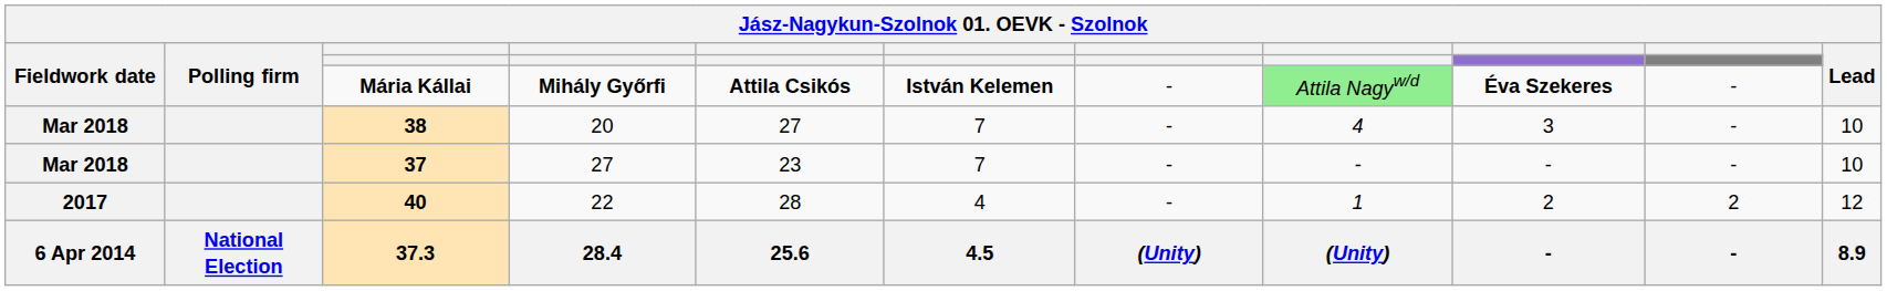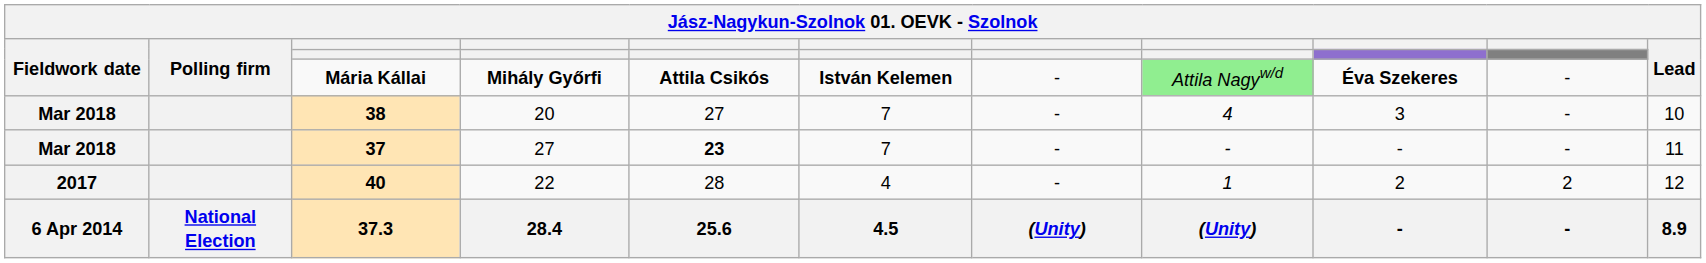 <table class="wikitable mw-collapsible mw-collapsed" style="text-align:center">
 <tr>
 <th colspan="11" style="width: 980pt;"><small><a href='#'>Jász-Nagykun-Szolnok</a> 01. OEVK - <a href='#'>Szolnok</a></small></th>
 </tr>
 <tr>
 <th rowspan="3" style="width: 80pt;"><small>Fieldwork</small> <small>date</small></th>
 <th rowspan="3" style="width: 80pt;"><strong><small>Polling</small> <small>firm</small></strong></th>
 <th style="width: 100pt;"><small></small></th>
 <th style="width: 100pt;"><small> </small></th>
 <th style="width: 100pt;"></th>
 <th style="width: 100pt;"></th>
 <th style="width: 100pt;"></th>
 <th style="width: 100pt;"></th>
 <th style="width: 100pt;"></th>
 <th style="width: 100pt;"></th>
 <th rowspan="3" style="width: 20pt;"><small>Lead</small></th>
 </tr>
 <tr>
 <th style="color:inherit;background:"></th>
 <th style="color:inherit;background:"></th>
 <th style="color:inherit;background:"></th>
 <th style="color:inherit;background:"></th>
 <th style="color:inherit;background:"></th>
 <th style="color:inherit;background:"></th>
 <th style="color:inherit;background:#8E6FCE;"></th>
 <th style="color:inherit;background:#808080;"></th>
 </tr>
 <tr>
 <td><small><strong>Mária Kállai</strong></small></td>
 <td><small><strong>Mihály Győrfi</strong></small></td>
 <td><small><strong>Attila Csikós</strong></small></td>
 <td><small><strong>István Kelemen</strong></small></td>
 <td><small>-</small></td>
 <td style="background: lightgreen;"><em><small>Attila Nagy<sup>w/d</sup></small></em></td>
 <td><small><strong>Éva Szekeres</strong></small></td>
 <td><small>-</small></td>
 </tr>
 <tr>
 <th><small>Mar 2018</small></th>
 <th> </th>
 <td style="background:#FFE5B4"><small><strong>38</strong></small></td>
 <td><small>20</small></td>
 <td><small>27</small></td>
 <td><small>7</small></td>
 <td><small>-</small></td>
 <td><em><small>4</small></em></td>
 <td><small>3</small></td>
 <td><small>-</small></td>
 <td style="background:"><small>10</small></td>
 </tr>
 <tr>
 <th><small>Mar 2018</small></th>
 <th><small></small></th>
 <td style="background:#FFE5B4"><small><strong>37</strong></small></td>
 <td><small>27</small></td>
-<td><small>23</small></td>
+<td><strong><small>23</small></strong></td>
 <td><small>7</small></td>
 <td><small>-</small></td>
 <td><small><em>-</em></small></td>
 <td><small>-</small></td>
 <td><small>-</small></td>
-<td style="background:"><small>10</small></td>
+<td style="background:"><small>11</small></td>
 </tr>
 <tr>
 <th><small>2017</small></th>
 <th><small></small></th>
 <td style="background:#FFE5B4"><small><strong>40</strong></small></td>
 <td><small>22</small></td>
 <td><small>28</small></td>
 <td><small>4</small></td>
 <td><small>-</small></td>
 <td><em><small>1</small></em></td>
 <td><small>2</small></td>
 <td><small>2</small></td>
 <td style="background:"><small>12</small></td>
 </tr>
 <tr>
 <th><small>6 Apr 2014</small></th>
 <th><a href='#'><small>National Election</small></a></th>
 <th style="background:#FFE5B4"><small>37.3</small></th>
 <th><small>28.4</small></th>
 <th><small>25.6</small></th>
 <th><small>4.5</small></th>
 <th><small><em>(<a href='#'>Unity</a>)</em></small></th>
 <th><small><em>(<a href='#'>Unity</a>)</em></small></th>
 <th><small>-</small></th>
 <th><small>-</small></th>
 <th style="background:"><small>8.9</small></th>
 </tr>
 </table>
